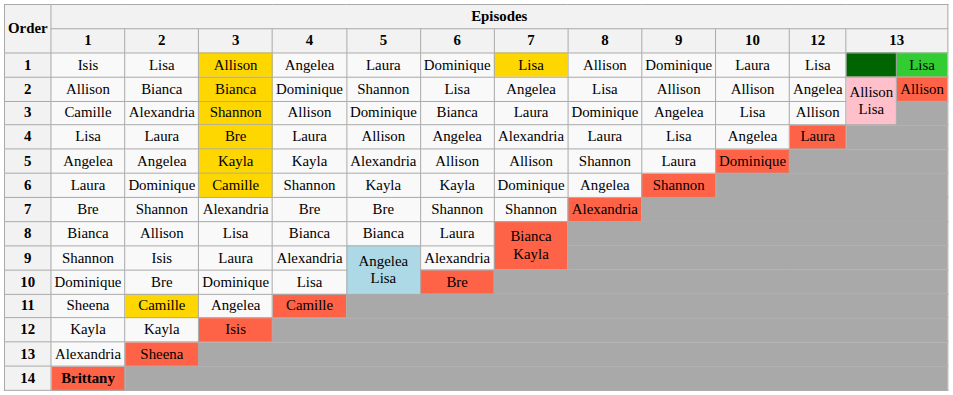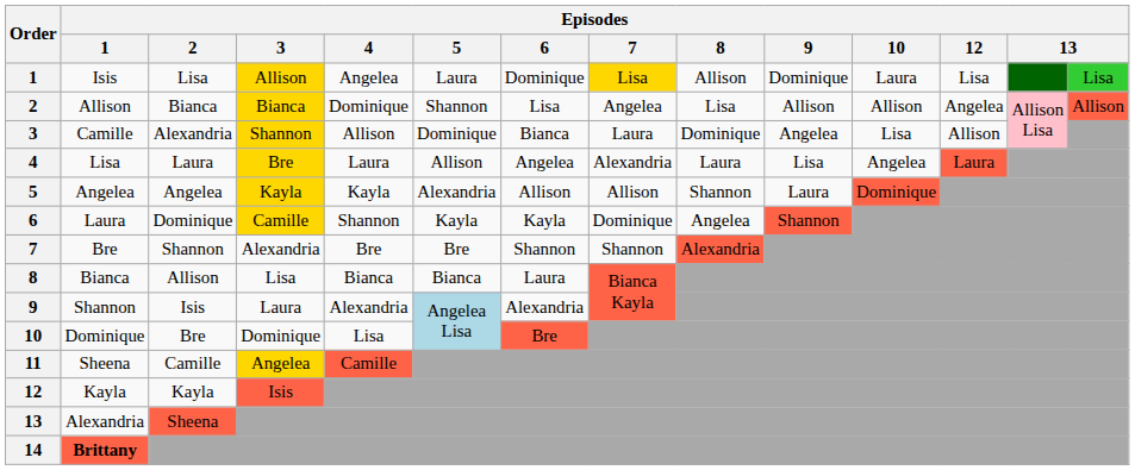 <table class="wikitable" style="text-align:center; font-size:92%">
 <tr>
 <th rowspan=2>Order</th>
 <th colspan=13>Episodes</th>
 </tr>
 <tr>
 <th>1</th>
 <th>2</th>
 <th>3</th>
 <th>4</th>
 <th>5</th>
 <th>6</th>
 <th>7</th>
 <th>8</th>
 <th>9</th>
 <th>10</th>
 <th>12</th>
 <th colspan="2">13</th>
 </tr>
 <tr>
 <th>1</th>
 <td>Isis</td>
 <td>Lisa</td>
 <td style="background:gold;">Allison</td>
 <td>Angelea</td>
 <td>Laura</td>
 <td>Dominique</td>
 <td style="background:gold;">Lisa</td>
 <td>Allison</td>
 <td>Dominique</td>
 <td>Laura</td>
 <td>Lisa</td>
 <td style="background:darkgreen;"></td>
 <td style="background:limegreen;">Lisa</td>
 </tr>
 <tr>
 <th>2</th>
 <td>Allison</td>
 <td>Bianca</td>
 <td style="background:gold;">Bianca</td>
 <td>Dominique</td>
 <td>Shannon</td>
 <td>Lisa</td>
 <td>Angelea</td>
 <td>Lisa</td>
 <td>Allison</td>
 <td>Allison</td>
 <td>Angelea</td>
 <td style="background:pink" rowspan="2">Allison<br>Lisa</td>
 <td style="background:tomato;">Allison</td>
 </tr>
 <tr>
 <th>3</th>
 <td>Camille</td>
 <td>Alexandria</td>
 <td style="background:gold;">Shannon</td>
 <td>Allison</td>
 <td>Dominique</td>
 <td>Bianca</td>
 <td>Laura</td>
 <td>Dominique</td>
 <td>Angelea</td>
 <td>Lisa</td>
 <td>Allison</td>
 <td style="background:darkgrey;"></td>
 </tr>
 <tr>
 <th>4</th>
 <td>Lisa</td>
 <td>Laura</td>
 <td style="background:Gold;">Bre</td>
 <td>Laura</td>
 <td>Allison</td>
 <td>Angelea</td>
 <td>Alexandria</td>
 <td>Laura</td>
 <td>Lisa</td>
 <td>Angelea</td>
 <td style="background:tomato;">Laura</td>
 <td colspan="2" style="background:darkgrey;"></td>
 </tr>
 <tr>
 <th>5</th>
 <td>Angelea</td>
 <td>Angelea</td>
 <td style="background:gold;">Kayla</td>
 <td>Kayla</td>
 <td>Alexandria</td>
 <td>Allison</td>
 <td>Allison</td>
 <td>Shannon</td>
 <td>Laura</td>
 <td style="background:tomato;">Dominique</td>
 <td style="background:darkgrey;" colspan="3"></td>
 </tr>
 <tr>
 <th>6</th>
 <td>Laura</td>
 <td>Dominique</td>
 <td style="background:gold;">Camille</td>
 <td>Shannon</td>
 <td>Kayla</td>
 <td>Kayla</td>
 <td>Dominique</td>
 <td>Angelea</td>
 <td style="background:tomato;">Shannon</td>
 <td style="background:darkgrey;" colspan="4"></td>
 </tr>
 <tr>
 <th>7</th>
 <td>Bre</td>
 <td>Shannon</td>
 <td>Alexandria</td>
 <td>Bre</td>
 <td>Bre</td>
 <td>Shannon</td>
 <td>Shannon</td>
 <td style="background:tomato;">Alexandria</td>
 <td style="background:darkgrey;" colspan="5"></td>
 </tr>
 <tr>
 <th>8</th>
 <td>Bianca</td>
 <td>Allison</td>
 <td>Lisa</td>
 <td>Bianca</td>
 <td>Bianca</td>
 <td>Laura</td>
 <td style="background:tomato;" rowspan="2">Bianca<br>Kayla</td>
 <td style="background:darkgrey;" colspan="6"></td>
 </tr>
 <tr>
 <th>9</th>
 <td>Shannon</td>
 <td>Isis</td>
 <td>Laura</td>
 <td>Alexandria</td>
 <td style="background:lightblue" rowspan="2">Angelea<br>Lisa</td>
 <td>Alexandria</td>
 <td style="background:darkgrey;" colspan="6"></td>
 </tr>
 <tr>
 <th>10</th>
 <td>Dominique</td>
 <td>Bre</td>
 <td>Dominique</td>
 <td>Lisa</td>
 <td style="background:tomato;">Bre</td>
 <td style="background:darkgrey;" colspan="7"></td>
 </tr>
 <tr>
 <th>11</th>
 <td>Sheena</td>
-<td style="background: gold;">Camille</td>
-<td>Angelea</td>
+<td>Camille</td>
+<td style="background: gold;">Angelea</td>
 <td style="background:tomato;">Camille</td>
 <td style="background:darkgrey;" colspan="9"></td>
 </tr>
 <tr>
 <th>12</th>
 <td>Kayla</td>
 <td>Kayla</td>
 <td style="background:tomato;">Isis</td>
 <td style="background:darkgrey;" colspan="10"></td>
 </tr>
 <tr>
 <th>13</th>
 <td>Alexandria</td>
 <td style="background:tomato;">Sheena</td>
 <td style="background:darkgrey;" colspan="11"></td>
 </tr>
 <tr>
 <th>14</th>
 <td style="background:tomato;"><strong>Brittany</strong></td>
 <td style="background:darkgrey;" colspan="12"></td>
 </tr>
 </table>
